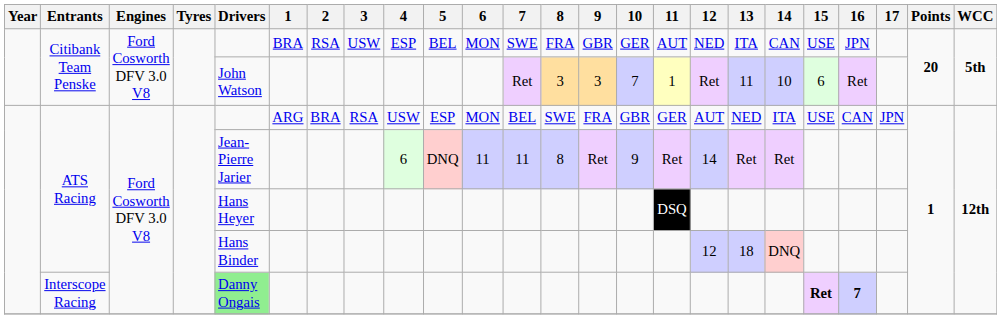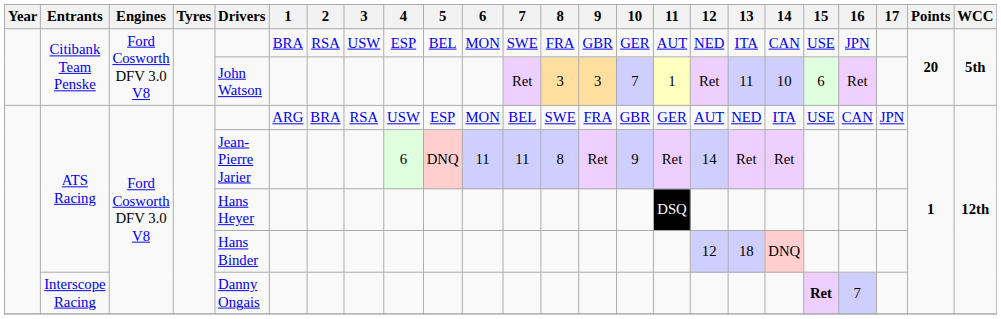 <table class="wikitable" style="text-align:center; font-size:95%">
 <tr>
 <th>Year</th>
 <th>Entrants</th>
 <th>Engines</th>
 <th>Tyres</th>
 <th>Drivers</th>
 <th>1</th>
 <th>2</th>
 <th>3</th>
 <th>4</th>
 <th>5</th>
 <th>6</th>
 <th>7</th>
 <th>8</th>
 <th>9</th>
 <th>10</th>
 <th>11</th>
 <th>12</th>
 <th>13</th>
 <th>14</th>
 <th>15</th>
 <th>16</th>
 <th>17</th>
 <th>Points</th>
 <th>WCC</th>
 </tr>
 <tr>
 <td rowspan="2"></td>
 <td rowspan="2"><a href='#'>Citibank</a> <a href='#'>Team Penske</a></td>
 <td rowspan="2"><a href='#'>Ford</a> <a href='#'>Cosworth</a> DFV 3.0 <a href='#'>V8</a></td>
 <td rowspan="2"></td>
 <td></td>
 <td><a href='#'>BRA</a></td>
 <td><a href='#'>RSA</a></td>
 <td><a href='#'>USW</a></td>
 <td><a href='#'>ESP</a></td>
 <td><a href='#'>BEL</a></td>
 <td><a href='#'>MON</a></td>
 <td><a href='#'>SWE</a></td>
 <td><a href='#'>FRA</a></td>
 <td><a href='#'>GBR</a></td>
 <td><a href='#'>GER</a></td>
 <td><a href='#'>AUT</a></td>
 <td><a href='#'>NED</a></td>
 <td><a href='#'>ITA</a></td>
 <td><a href='#'>CAN</a></td>
 <td><a href='#'>USE</a></td>
 <td><a href='#'>JPN</a></td>
 <td></td>
 <td rowspan="2"><strong>20</strong></td>
 <td rowspan="2"><strong>5th</strong></td>
 </tr>
 <tr>
 <td align="left"><a href='#'>John Watson</a></td>
 <td></td>
 <td></td>
 <td></td>
 <td></td>
 <td></td>
 <td></td>
 <td style="background:#efcfff;">Ret</td>
 <td style="background:#FFDF9F;">3</td>
 <td style="background:#FFDF9F;">3</td>
 <td style="background:#cfcfff;">7</td>
 <td style="background:#FFFFBF;">1</td>
 <td style="background:#efcfff;">Ret</td>
 <td style="background:#cfcfff;">11</td>
 <td style="background:#cfcfff;">10</td>
 <td style="background:#dfffdf;">6</td>
 <td style="background:#efcfff;">Ret</td>
 <td></td>
 </tr>
 <tr>
 <td rowspan="5"></td>
 <td rowspan="4"><a href='#'>ATS Racing</a></td>
 <td rowspan="5"><a href='#'>Ford</a> <a href='#'>Cosworth</a> DFV 3.0 <a href='#'>V8</a></td>
 <td rowspan="5"></td>
 <td></td>
 <td><a href='#'>ARG</a></td>
 <td><a href='#'>BRA</a></td>
 <td><a href='#'>RSA</a></td>
 <td><a href='#'>USW</a></td>
 <td><a href='#'>ESP</a></td>
 <td><a href='#'>MON</a></td>
 <td><a href='#'>BEL</a></td>
 <td><a href='#'>SWE</a></td>
 <td><a href='#'>FRA</a></td>
 <td><a href='#'>GBR</a></td>
 <td><a href='#'>GER</a></td>
 <td><a href='#'>AUT</a></td>
 <td><a href='#'>NED</a></td>
 <td><a href='#'>ITA</a></td>
 <td><a href='#'>USE</a></td>
 <td><a href='#'>CAN</a></td>
 <td><a href='#'>JPN</a></td>
 <td rowspan="5"><strong>1</strong></td>
 <td rowspan="5"><strong>12th</strong></td>
 </tr>
 <tr>
 <td align="left"><a href='#'>Jean-Pierre Jarier</a></td>
 <td></td>
 <td></td>
 <td></td>
 <td style="background:#dfffdf;">6</td>
 <td style="background:#FFCFCF;">DNQ</td>
 <td style="background:#cfcfff;">11</td>
 <td style="background:#cfcfff;">11</td>
 <td style="background:#cfcfff;">8</td>
 <td style="background:#efcfff;">Ret</td>
 <td style="background:#cfcfff;">9</td>
 <td style="background:#efcfff;">Ret</td>
 <td style="background:#cfcfff;">14</td>
 <td style="background:#efcfff;">Ret</td>
 <td style="background:#efcfff;">Ret</td>
 <td></td>
 <td></td>
 <td></td>
 </tr>
 <tr>
 <td align="left"><a href='#'>Hans Heyer</a></td>
 <td></td>
 <td></td>
 <td></td>
 <td></td>
 <td></td>
 <td></td>
 <td></td>
 <td></td>
 <td></td>
 <td></td>
 <td style="background:#000000; color:#ffffff">DSQ</td>
 <td></td>
 <td></td>
 <td></td>
 <td></td>
 <td></td>
 <td></td>
 </tr>
 <tr>
 <td align="left"><a href='#'>Hans Binder</a></td>
 <td></td>
 <td></td>
 <td></td>
 <td></td>
 <td></td>
 <td></td>
 <td></td>
 <td></td>
 <td></td>
 <td></td>
 <td></td>
 <td style="background:#cfcfff;">12</td>
 <td style="background:#cfcfff;">18</td>
 <td style="background:#FFCFCF;">DNQ</td>
 <td></td>
 <td></td>
 <td></td>
 </tr>
 <tr>
 <td><a href='#'>Interscope Racing</a></td>
-<td align="left" style="background: lightgreen;"><a href='#'>Danny Ongais</a></td>
+<td align="left"><a href='#'>Danny Ongais</a></td>
 <td></td>
 <td></td>
 <td></td>
 <td></td>
 <td></td>
 <td></td>
 <td></td>
 <td></td>
 <td></td>
 <td></td>
 <td></td>
 <td></td>
 <td></td>
 <td></td>
 <td style="background:#efcfff;"><strong>Ret</strong></td>
-<td style="background:#cfcfff;"><strong>7</strong></td>
+<td style="background:#cfcfff;">7</td>
 <td></td>
 </tr>
 <tr>
 </tr>
 </table>
